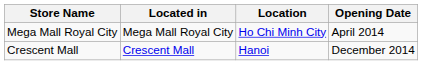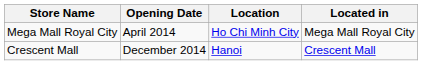 <table class="wikitable">
 <tr>
 <th><strong>Store Name</strong></th>
+<th><strong>Opening Date</strong></th>
+<th>Location</th>
 <th><strong>Located in</strong></th>
-<th>Location</th>
-<th><strong>Opening Date</strong></th>
 </tr>
 <tr>
 <td>Mega Mall Royal City</td>
+<td>April 2014</td>
+<td><a href='#'>Ho Chi Minh City</a></td>
 <td>Mega Mall Royal City</td>
-<td><a href='#'>Ho Chi Minh City</a></td>
-<td>April 2014</td>
 </tr>
 <tr>
 <td>Crescent Mall</td>
+<td>December 2014</td>
+<td><a href='#'>Hanoi</a></td>
 <td><a href='#'>Crescent Mall</a></td>
-<td><a href='#'>Hanoi</a></td>
-<td>December 2014</td>
 </tr>
 </table>
